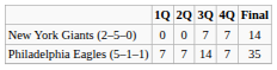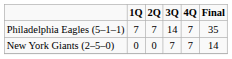 <table class="wikitable" 80%>
 <tr align=center>
 <td></td>
 <td><strong>1Q</strong></td>
 <td><strong>2Q</strong></td>
 <td><strong>3Q</strong></td>
 <td><strong>4Q</strong></td>
 <td><strong>Final</strong></td>
 </tr>
 <tr align=center>
+<td – align=left>Philadelphia Eagles (5–1–1)</td>
+<td>7</td>
+<td>7</td>
+<td>14</td>
+<td>7</td>
+<td>35</td>
+</tr>
+<tr align=center>
 <td – align=left>New York Giants (2–5–0)</td>
 <td>0</td>
 <td>0</td>
 <td>7</td>
 <td>7</td>
 <td>14</td>
 </tr>
 <tr align=center>
-<td – align=left>Philadelphia Eagles (5–1–1)</td>
-<td>7</td>
-<td>7</td>
-<td>14</td>
-<td>7</td>
-<td>35</td>
-</tr>
-<tr align=center>
 </tr>
 </table>
